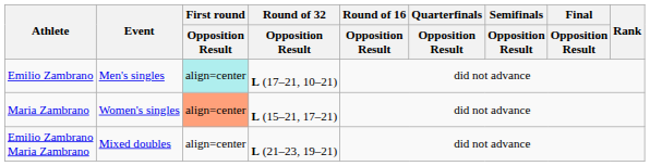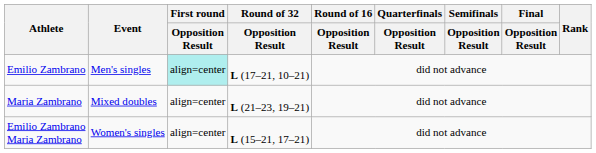 <table class="wikitable" style="font-size:90%">
 <tr>
 <th rowspan="2">Athlete</th>
 <th rowspan="2">Event</th>
 <th>First round</th>
 <th>Round of 32</th>
 <th>Round of 16</th>
 <th>Quarterfinals</th>
 <th>Semifinals</th>
 <th>Final</th>
 <th rowspan="2">Rank</th>
 </tr>
 <tr>
 <th>Opposition<br>Result</th>
 <th>Opposition<br>Result</th>
 <th>Opposition<br>Result</th>
 <th>Opposition<br>Result</th>
 <th>Opposition<br>Result</th>
 <th>Opposition<br>Result</th>
 </tr>
 <tr>
 <td><a href='#'>Emilio Zambrano</a></td>
 <td><a href='#'>Men's singles</a></td>
 <td style="background: paleturquoise;">align=center </td>
 <td align=center><br><strong>L</strong> (17–21, 10–21)</td>
 <td align=center colspan="5">did not advance</td>
 </tr>
 <tr>
 <td><a href='#'>Maria Zambrano</a></td>
-<td><a href='#'>Women's singles</a></td>
-<td style="background: lightsalmon;">align=center </td>
-<td align=center><br><strong>L</strong> (15–21, 17–21)</td>
-<td align=center colspan="5">did not advance</td>
-</tr>
-<tr>
-<td><a href='#'>Emilio Zambrano</a><br><a href='#'>Maria Zambrano</a></td>
 <td><a href='#'>Mixed doubles</a></td>
 <td>align=center </td>
 <td align=center><br><strong>L</strong> (21–23, 19–21)</td>
 <td align=center colspan="5">did not advance</td>
 </tr>
+<tr>
+<td><a href='#'>Emilio Zambrano</a><br><a href='#'>Maria Zambrano</a></td>
+<td><a href='#'>Women's singles</a></td>
+<td>align=center </td>
+<td align=center><br><strong>L</strong> (15–21, 17–21)</td>
+<td align=center colspan="5">did not advance</td>
+</tr>
 </table>
